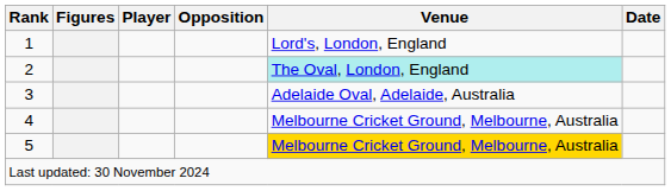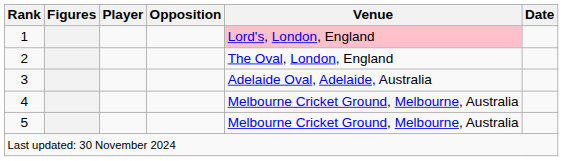 <table class="wikitable plainrowheaders sortable">
 <tr>
 <th scope=col>Rank</th>
 <th scope=col>Figures</th>
 <th scope=col>Player</th>
 <th scope=col>Opposition</th>
 <th scope=col>Venue</th>
 <th scope=col>Date</th>
 </tr>
 <tr>
 <td align=center>1</td>
 <th scope=row style=text-align:center;></th>
 <td></td>
 <td></td>
-<td><a href='#'>Lord's</a>, <a href='#'>London</a>, England</td>
+<td style="background: pink;"><a href='#'>Lord's</a>, <a href='#'>London</a>, England</td>
 <td><a href='#'></a></td>
 </tr>
 <tr>
 <td align=center>2</td>
 <th scope=row style=text-align:center;></th>
 <td></td>
 <td></td>
-<td style="background: paleturquoise;"><a href='#'>The Oval</a>, <a href='#'>London</a>, England</td>
+<td><a href='#'>The Oval</a>, <a href='#'>London</a>, England</td>
 <td><a href='#'></a></td>
 </tr>
 <tr>
 <td align=center>3</td>
 <th scope=row style=text-align:center;></th>
 <td></td>
 <td></td>
 <td><a href='#'>Adelaide Oval</a>, <a href='#'>Adelaide</a>, Australia</td>
 <td><a href='#'></a></td>
 </tr>
 <tr>
 <td align=center>4</td>
 <th scope=row style=text-align:center;></th>
 <td></td>
 <td></td>
 <td><a href='#'>Melbourne Cricket Ground</a>, <a href='#'>Melbourne</a>, Australia</td>
 <td><a href='#'></a></td>
 </tr>
 <tr>
 <td align=center>5</td>
 <th scope=row style=text-align:center;></th>
 <td></td>
 <td></td>
-<td style="background: gold;"><a href='#'>Melbourne Cricket Ground</a>, <a href='#'>Melbourne</a>, Australia</td>
+<td><a href='#'>Melbourne Cricket Ground</a>, <a href='#'>Melbourne</a>, Australia</td>
 <td><a href='#'></a></td>
 </tr>
 <tr class=sortbottom>
 <td colspan=6><small>Last updated: 30 November 2024</small></td>
 </tr>
 </table>
